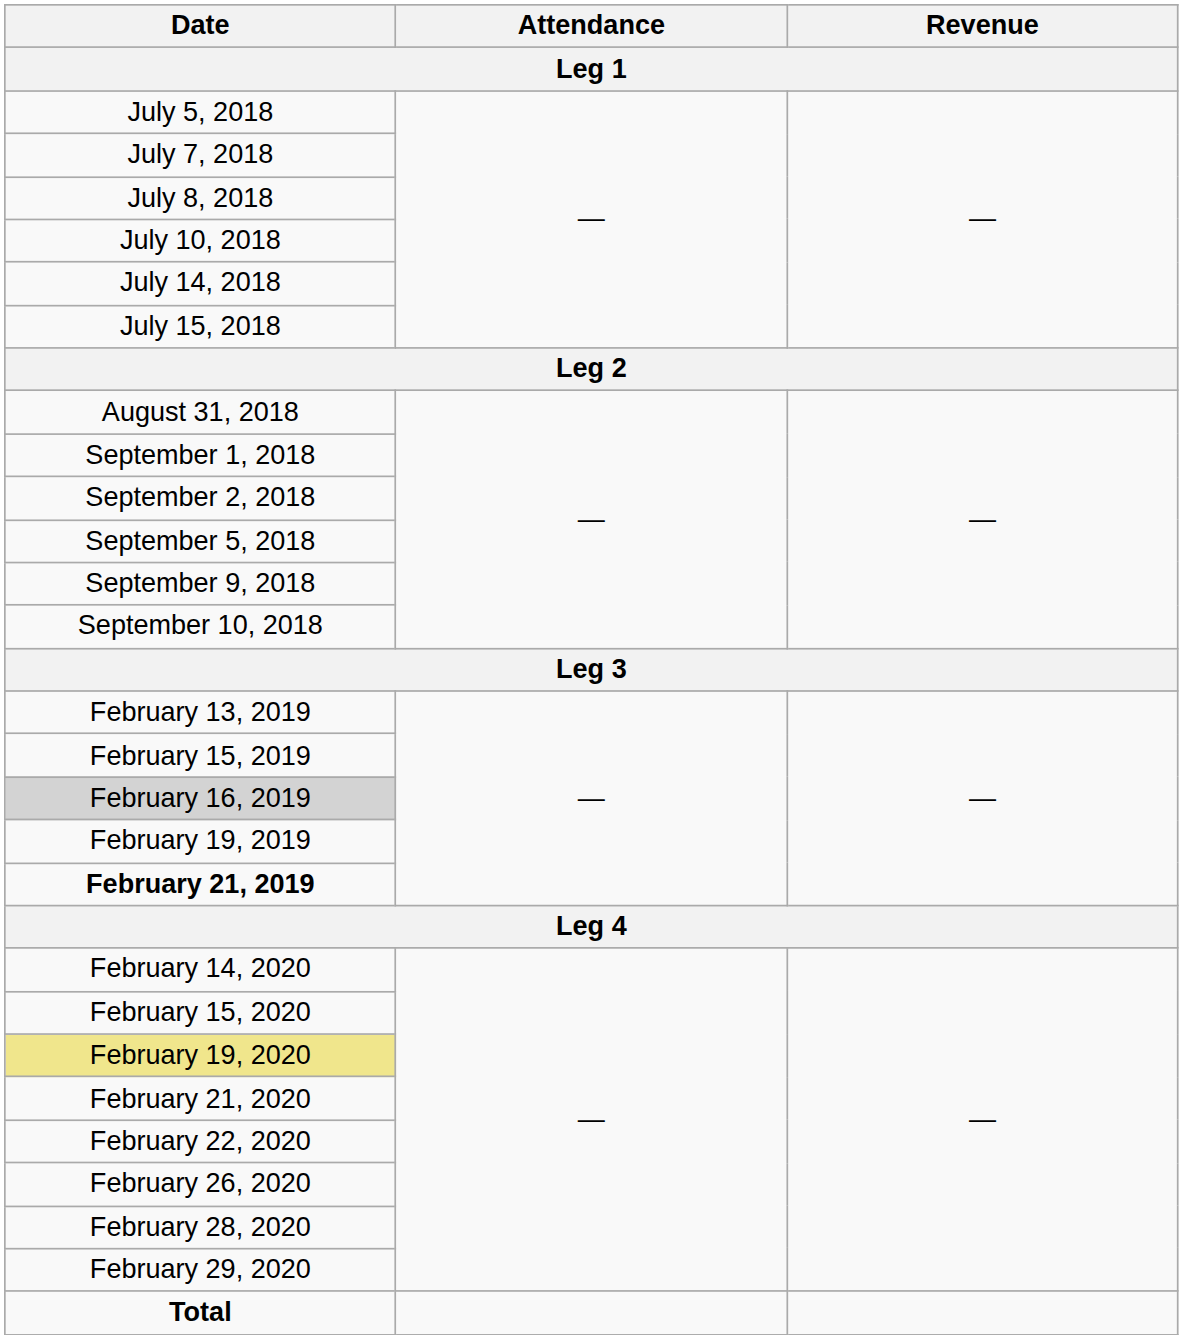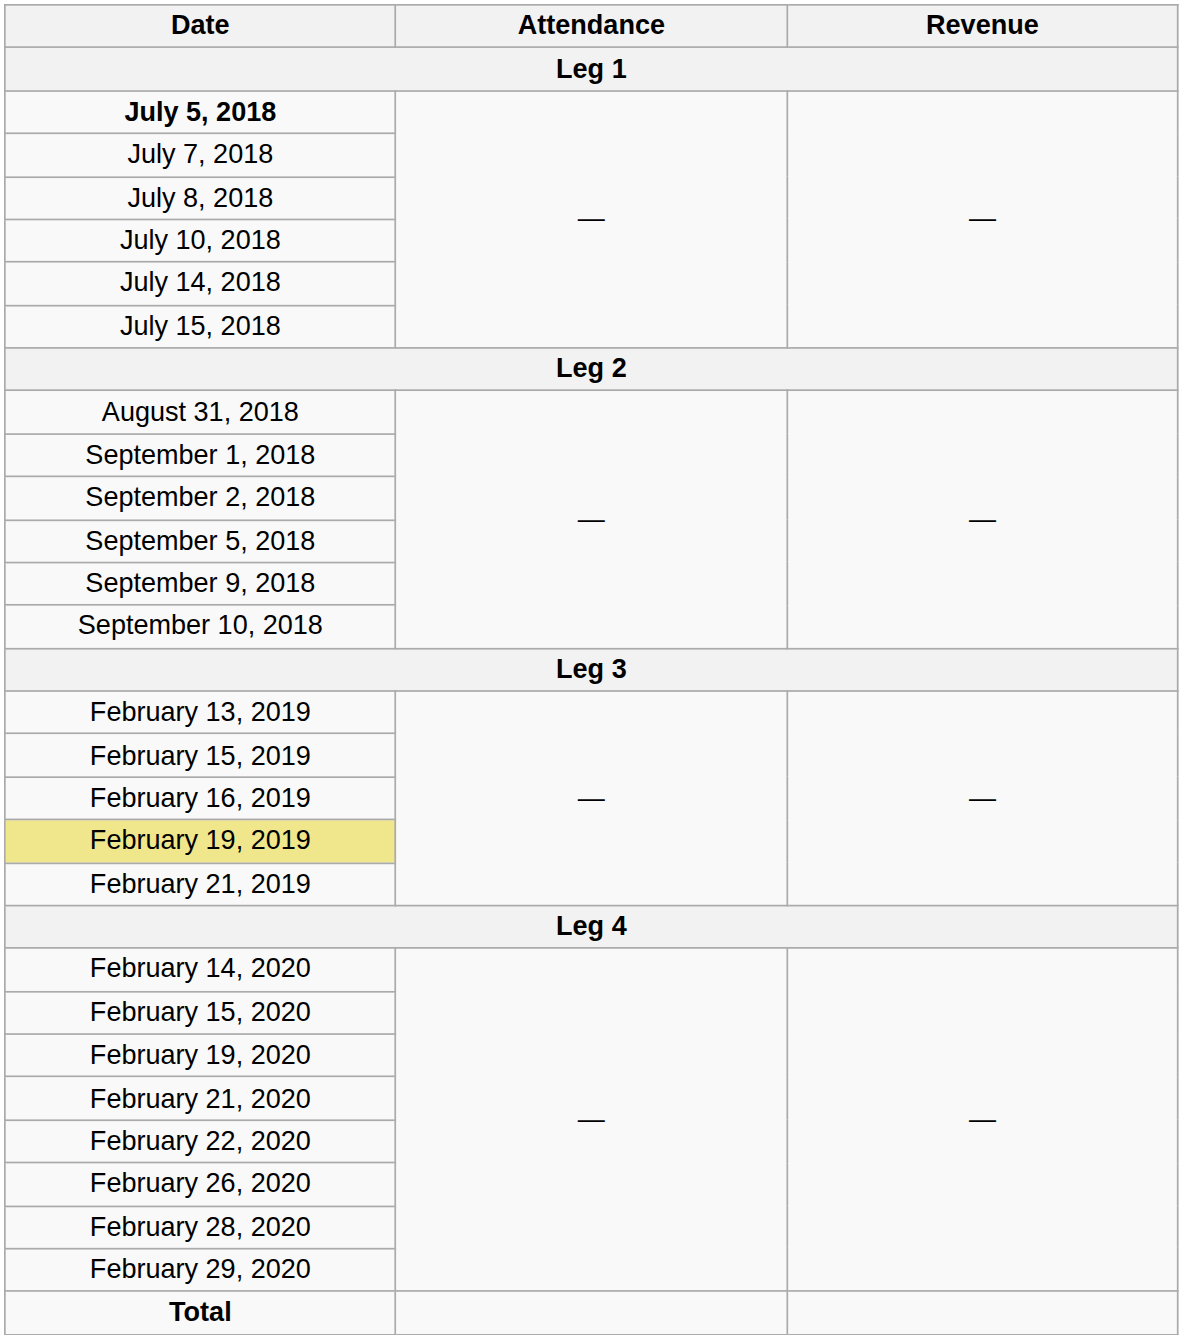 <table class="wikitable plainrowheaders" style="text-align:center;">
 <tr>
 <th scope="col" style="width:14em;">Date</th>
 <th scope="col" style="width:14em;">Attendance</th>
 <th scope="col" style="width:14em;">Revenue</th>
 </tr>
 <tr>
 <th colspan="3">Leg 1</th>
 </tr>
 <tr>
-<td scope="row" style="text-align:center;">July 5, 2018</td>
+<td scope="row" style="text-align:center;"><strong>July 5, 2018</strong></td>
 <td rowspan="6">—</td>
 <td rowspan="6">—</td>
 </tr>
 <tr>
 <td scope="row" style="text-align:center;">July 7, 2018</td>
 </tr>
 <tr>
 <td scope="row" style="text-align:center;">July 8, 2018</td>
 </tr>
 <tr>
 <td scope="row" style="text-align:center;">July 10, 2018</td>
 </tr>
 <tr>
 <td scope="row" style="text-align:center;">July 14, 2018</td>
 </tr>
 <tr>
 <td scope="row" style="text-align:center;">July 15, 2018</td>
 </tr>
 <tr>
 <th colspan="3">Leg 2</th>
 </tr>
 <tr>
 <td scope="row" style="text-align:center;">August 31, 2018</td>
 <td rowspan="6">—</td>
 <td rowspan="6">—</td>
 </tr>
 <tr>
 <td scope="row" style="text-align:center;">September 1, 2018</td>
 </tr>
 <tr>
 <td scope="row" style="text-align:center;">September 2, 2018</td>
 </tr>
 <tr>
 <td scope="row" style="text-align:center;">September 5, 2018</td>
 </tr>
 <tr>
 <td scope="row" style="text-align:center;">September 9, 2018</td>
 </tr>
 <tr>
 <td scope="row" style="text-align:center;">September 10, 2018</td>
 </tr>
 <tr>
 <th colspan="3">Leg 3</th>
 </tr>
 <tr>
 <td scope="row" style="text-align:center;">February 13, 2019</td>
 <td rowspan="5">—</td>
 <td rowspan="5">—</td>
 </tr>
 <tr>
 <td scope="row" style="text-align:center;">February 15, 2019</td>
 </tr>
 <tr>
-<td scope="row" style="background: lightgrey; text-align:center;">February 16, 2019</td>
+<td scope="row" style="text-align:center;">February 16, 2019</td>
 </tr>
 <tr>
-<td scope="row" style="text-align:center;">February 19, 2019</td>
+<td scope="row" style="background: khaki; text-align:center;">February 19, 2019</td>
 </tr>
 <tr>
-<td scope="row" style="text-align:center;"><strong>February 21, 2019</strong></td>
+<td scope="row" style="text-align:center;">February 21, 2019</td>
 </tr>
 <tr>
 <th colspan="3">Leg 4</th>
 </tr>
 <tr>
 <td scope="row" style="text-align:center;">February 14, 2020</td>
 <td rowspan="8">—</td>
 <td rowspan="8">—</td>
 </tr>
 <tr>
 <td scope="row" style="text-align:center;">February 15, 2020</td>
 </tr>
 <tr>
-<td scope="row" style="background: khaki; text-align:center;">February 19, 2020</td>
+<td scope="row" style="text-align:center;">February 19, 2020</td>
 </tr>
 <tr>
 <td scope="row" style="text-align:center;">February 21, 2020</td>
 </tr>
 <tr>
 <td scope="row" style="text-align:center;">February 22, 2020</td>
 </tr>
 <tr>
 <td scope="row" style="text-align:center;">February 26, 2020</td>
 </tr>
 <tr>
 <td scope="row" style="text-align:center;">February 28, 2020</td>
 </tr>
 <tr>
 <td scope="row" style="text-align:center;">February 29, 2020</td>
 </tr>
 <tr>
 <td rowspan=3><strong>Total</strong></td>
 <td></td>
 <td></td>
 </tr>
 </table>
